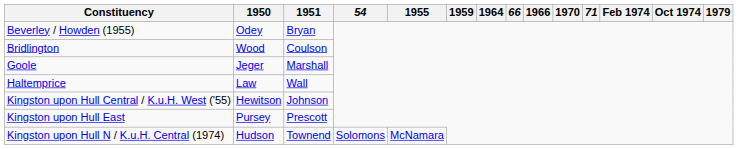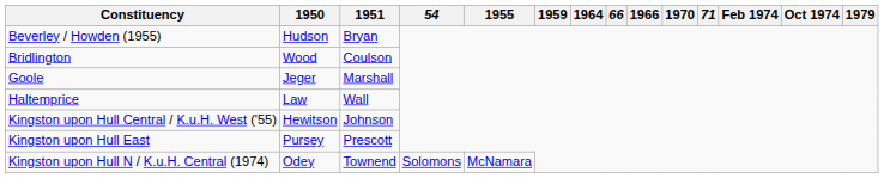 <table class="wikitable">
 <tr>
 <th>Constituency</th>
 <th>1950</th>
 <th>1951</th>
 <th><em>54</em></th>
 <th>1955</th>
 <th>1959</th>
 <th>1964</th>
 <th><em>66</em></th>
 <th>1966</th>
 <th>1970</th>
 <th><em>71</em></th>
 <th>Feb 1974</th>
 <th>Oct 1974</th>
 <th>1979</th>
 </tr>
 <tr>
 <td><a href='#'>Beverley</a> / <a href='#'>Howden</a> (1955)</td>
-<td><a href='#'>Odey</a></td>
+<td><a href='#'>Hudson</a></td>
 <td><a href='#'>Bryan</a></td>
 </tr>
 <tr>
 <td><a href='#'>Bridlington</a></td>
 <td><a href='#'>Wood</a></td>
 <td><a href='#'>Coulson</a></td>
 </tr>
 <tr>
 <td><a href='#'>Goole</a></td>
 <td><a href='#'>Jeger</a></td>
 <td><a href='#'>Marshall</a></td>
 </tr>
 <tr>
 <td><a href='#'>Haltemprice</a></td>
 <td><a href='#'>Law</a></td>
 <td><a href='#'>Wall</a></td>
 </tr>
 <tr>
 <td><a href='#'>Kingston upon Hull Central</a> / <a href='#'>K.u.H. West</a> ('55)</td>
 <td><a href='#'>Hewitson</a></td>
 <td><a href='#'>Johnson</a></td>
 </tr>
 <tr>
 <td><a href='#'>Kingston upon Hull East</a></td>
 <td><a href='#'>Pursey</a></td>
 <td><a href='#'>Prescott</a></td>
 </tr>
 <tr>
 <td><a href='#'>Kingston upon Hull N</a> / <a href='#'>K.u.H. Central</a> (1974)</td>
-<td><a href='#'>Hudson</a></td>
+<td><a href='#'>Odey</a></td>
 <td><a href='#'>Townend</a></td>
 <td><a href='#'>Solomons</a></td>
 <td><a href='#'>McNamara</a></td>
 </tr>
 </table>
